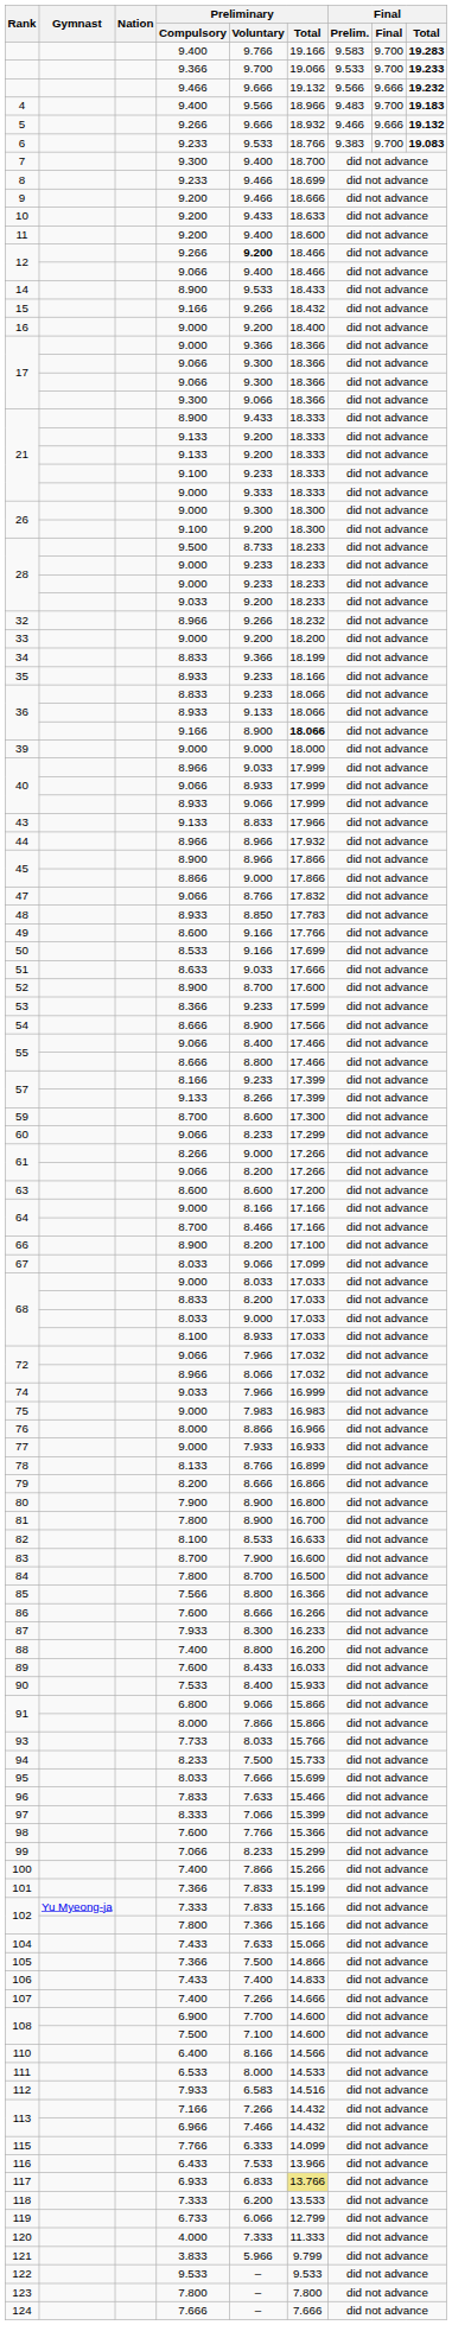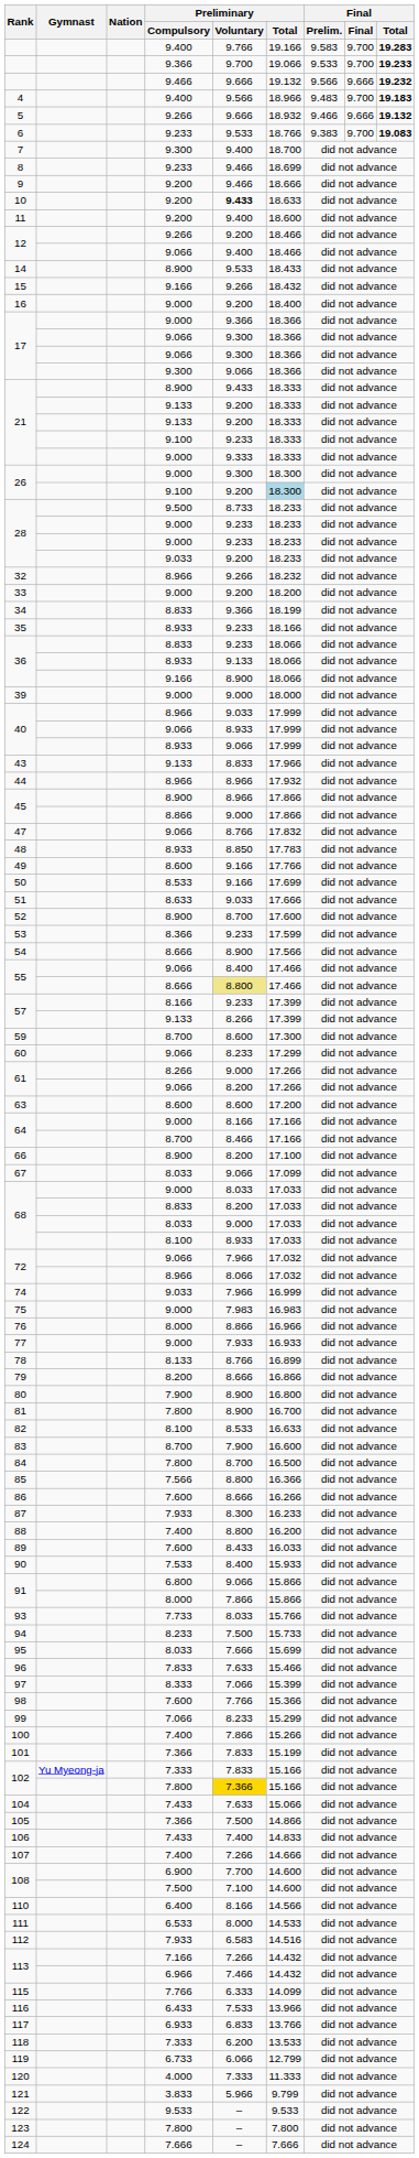 <table class="wikitable sortable" style="text-align:center">
 <tr>
 <th rowspan=2>Rank</th>
 <th rowspan=2>Gymnast</th>
 <th rowspan=2>Nation</th>
 <th colspan=3>Preliminary</th>
 <th colspan=3>Final</th>
 </tr>
 <tr>
 <th>Compulsory</th>
 <th>Voluntary</th>
 <th>Total</th>
 <th> Prelim.</th>
 <th>Final</th>
 <th>Total</th>
 </tr>
 <tr>
 <td></td>
 <td align=left></td>
 <td align=left></td>
 <td>9.400</td>
 <td>9.766</td>
 <td>19.166</td>
 <td>9.583</td>
 <td>9.700</td>
 <td><strong>19.283</strong></td>
 </tr>
 <tr>
 <td></td>
 <td align=left></td>
 <td align=left></td>
 <td>9.366</td>
 <td>9.700</td>
 <td>19.066</td>
 <td>9.533</td>
 <td>9.700</td>
 <td><strong>19.233</strong></td>
 </tr>
 <tr>
 <td></td>
 <td align=left></td>
 <td align=left></td>
 <td>9.466</td>
 <td>9.666</td>
 <td>19.132</td>
 <td>9.566</td>
 <td>9.666</td>
 <td><strong>19.232</strong></td>
 </tr>
 <tr>
 <td>4</td>
 <td align=left></td>
 <td align=left></td>
 <td>9.400</td>
 <td>9.566</td>
 <td>18.966</td>
 <td>9.483</td>
 <td>9.700</td>
 <td><strong>19.183</strong></td>
 </tr>
 <tr>
 <td>5</td>
 <td align=left></td>
 <td align=left></td>
 <td>9.266</td>
 <td>9.666</td>
 <td>18.932</td>
 <td>9.466</td>
 <td>9.666</td>
 <td><strong>19.132</strong></td>
 </tr>
 <tr>
 <td>6</td>
 <td align=left></td>
 <td align=left></td>
 <td>9.233</td>
 <td>9.533</td>
 <td>18.766</td>
 <td>9.383</td>
 <td>9.700</td>
 <td><strong>19.083</strong></td>
 </tr>
 <tr>
 <td>7</td>
 <td align=left></td>
 <td align=left></td>
 <td>9.300</td>
 <td>9.400</td>
 <td>18.700</td>
 <td colspan=3>did not advance</td>
 </tr>
 <tr>
 <td>8</td>
 <td align=left></td>
 <td align=left></td>
 <td>9.233</td>
 <td>9.466</td>
 <td>18.699</td>
 <td colspan=3>did not advance</td>
 </tr>
 <tr>
 <td>9</td>
 <td align=left></td>
 <td align=left></td>
 <td>9.200</td>
 <td>9.466</td>
 <td>18.666</td>
 <td colspan=3>did not advance</td>
 </tr>
 <tr>
 <td>10</td>
 <td align=left></td>
 <td align=left></td>
 <td>9.200</td>
-<td>9.433</td>
+<td><strong>9.433</strong></td>
 <td>18.633</td>
 <td colspan=3>did not advance</td>
 </tr>
 <tr>
 <td>11</td>
 <td align=left></td>
 <td align=left></td>
 <td>9.200</td>
 <td>9.400</td>
 <td>18.600</td>
 <td colspan=3>did not advance</td>
 </tr>
 <tr>
 <td rowspan=2>12</td>
 <td align=left></td>
 <td align=left></td>
 <td>9.266</td>
-<td><strong>9.200</strong></td>
+<td>9.200</td>
 <td>18.466</td>
 <td colspan=3>did not advance</td>
 </tr>
 <tr>
 <td align=left></td>
 <td align=left></td>
 <td>9.066</td>
 <td>9.400</td>
 <td>18.466</td>
 <td colspan=3>did not advance</td>
 </tr>
 <tr>
 <td>14</td>
 <td align=left></td>
 <td align=left></td>
 <td>8.900</td>
 <td>9.533</td>
 <td>18.433</td>
 <td colspan=3>did not advance</td>
 </tr>
 <tr>
 <td>15</td>
 <td align=left></td>
 <td align=left></td>
 <td>9.166</td>
 <td>9.266</td>
 <td>18.432</td>
 <td colspan=3>did not advance</td>
 </tr>
 <tr>
 <td>16</td>
 <td align=left></td>
 <td align=left></td>
 <td>9.000</td>
 <td>9.200</td>
 <td>18.400</td>
 <td colspan=3>did not advance</td>
 </tr>
 <tr>
 <td rowspan=4>17</td>
 <td align=left></td>
 <td align=left></td>
 <td>9.000</td>
 <td>9.366</td>
 <td>18.366</td>
 <td colspan=3>did not advance</td>
 </tr>
 <tr>
 <td align=left></td>
 <td align=left></td>
 <td>9.066</td>
 <td>9.300</td>
 <td>18.366</td>
 <td colspan=3>did not advance</td>
 </tr>
 <tr>
 <td align=left></td>
 <td align=left></td>
 <td>9.066</td>
 <td>9.300</td>
 <td>18.366</td>
 <td colspan=3>did not advance</td>
 </tr>
 <tr>
 <td align=left></td>
 <td align=left></td>
 <td>9.300</td>
 <td>9.066</td>
 <td>18.366</td>
 <td colspan=3>did not advance</td>
 </tr>
 <tr>
 <td rowspan=5>21</td>
 <td align=left></td>
 <td align=left></td>
 <td>8.900</td>
 <td>9.433</td>
 <td>18.333</td>
 <td colspan=3>did not advance</td>
 </tr>
 <tr>
 <td align=left></td>
 <td align=left></td>
 <td>9.133</td>
 <td>9.200</td>
 <td>18.333</td>
 <td colspan=3>did not advance</td>
 </tr>
 <tr>
 <td align=left></td>
 <td align=left></td>
 <td>9.133</td>
 <td>9.200</td>
 <td>18.333</td>
 <td colspan=3>did not advance</td>
 </tr>
 <tr>
 <td align=left></td>
 <td align=left></td>
 <td>9.100</td>
 <td>9.233</td>
 <td>18.333</td>
 <td colspan=3>did not advance</td>
 </tr>
 <tr>
 <td align=left></td>
 <td align=left></td>
 <td>9.000</td>
 <td>9.333</td>
 <td>18.333</td>
 <td colspan=3>did not advance</td>
 </tr>
 <tr>
 <td rowspan=2>26</td>
 <td align=left></td>
 <td align=left></td>
 <td>9.000</td>
 <td>9.300</td>
 <td>18.300</td>
 <td colspan=3>did not advance</td>
 </tr>
 <tr>
 <td align=left></td>
 <td align=left></td>
 <td>9.100</td>
 <td>9.200</td>
-<td>18.300</td>
+<td style="background: lightblue;">18.300</td>
 <td colspan=3>did not advance</td>
 </tr>
 <tr>
 <td rowspan=4>28</td>
 <td align=left></td>
 <td align=left></td>
 <td>9.500</td>
 <td>8.733</td>
 <td>18.233</td>
 <td colspan=3>did not advance</td>
 </tr>
 <tr>
 <td align=left></td>
 <td align=left></td>
 <td>9.000</td>
 <td>9.233</td>
 <td>18.233</td>
 <td colspan=3>did not advance</td>
 </tr>
 <tr>
 <td align=left></td>
 <td align=left></td>
 <td>9.000</td>
 <td>9.233</td>
 <td>18.233</td>
 <td colspan=3>did not advance</td>
 </tr>
 <tr>
 <td align=left></td>
 <td align=left></td>
 <td>9.033</td>
 <td>9.200</td>
 <td>18.233</td>
 <td colspan=3>did not advance</td>
 </tr>
 <tr>
 <td>32</td>
 <td align=left></td>
 <td align=left></td>
 <td>8.966</td>
 <td>9.266</td>
 <td>18.232</td>
 <td colspan=3>did not advance</td>
 </tr>
 <tr>
 <td>33</td>
 <td align=left></td>
 <td align=left></td>
 <td>9.000</td>
 <td>9.200</td>
 <td>18.200</td>
 <td colspan=3>did not advance</td>
 </tr>
 <tr>
 <td>34</td>
 <td align=left></td>
 <td align=left></td>
 <td>8.833</td>
 <td>9.366</td>
 <td>18.199</td>
 <td colspan=3>did not advance</td>
 </tr>
 <tr>
 <td>35</td>
 <td align=left></td>
 <td align=left></td>
 <td>8.933</td>
 <td>9.233</td>
 <td>18.166</td>
 <td colspan=3>did not advance</td>
 </tr>
 <tr>
 <td rowspan=3>36</td>
 <td align=left></td>
 <td align=left></td>
 <td>8.833</td>
 <td>9.233</td>
 <td>18.066</td>
 <td colspan=3>did not advance</td>
 </tr>
 <tr>
 <td align=left></td>
 <td align=left></td>
 <td>8.933</td>
 <td>9.133</td>
 <td>18.066</td>
 <td colspan=3>did not advance</td>
 </tr>
 <tr>
 <td align=left></td>
 <td align=left></td>
 <td>9.166</td>
 <td>8.900</td>
-<td><strong>18.066</strong></td>
+<td>18.066</td>
 <td colspan=3>did not advance</td>
 </tr>
 <tr>
 <td>39</td>
 <td align=left></td>
 <td align=left></td>
 <td>9.000</td>
 <td>9.000</td>
 <td>18.000</td>
 <td colspan=3>did not advance</td>
 </tr>
 <tr>
 <td rowspan=3>40</td>
 <td align=left></td>
 <td align=left></td>
 <td>8.966</td>
 <td>9.033</td>
 <td>17.999</td>
 <td colspan=3>did not advance</td>
 </tr>
 <tr>
 <td align=left></td>
 <td align=left></td>
 <td>9.066</td>
 <td>8.933</td>
 <td>17.999</td>
 <td colspan=3>did not advance</td>
 </tr>
 <tr>
 <td align=left></td>
 <td align=left></td>
 <td>8.933</td>
 <td>9.066</td>
 <td>17.999</td>
 <td colspan=3>did not advance</td>
 </tr>
 <tr>
 <td>43</td>
 <td align=left></td>
 <td align=left></td>
 <td>9.133</td>
 <td>8.833</td>
 <td>17.966</td>
 <td colspan=3>did not advance</td>
 </tr>
 <tr>
 <td>44</td>
 <td align=left></td>
 <td align=left></td>
 <td>8.966</td>
 <td>8.966</td>
 <td>17.932</td>
 <td colspan=3>did not advance</td>
 </tr>
 <tr>
 <td rowspan=2>45</td>
 <td align=left></td>
 <td align=left></td>
 <td>8.900</td>
 <td>8.966</td>
 <td>17.866</td>
 <td colspan=3>did not advance</td>
 </tr>
 <tr>
 <td align=left></td>
 <td align=left></td>
 <td>8.866</td>
 <td>9.000</td>
 <td>17.866</td>
 <td colspan=3>did not advance</td>
 </tr>
 <tr>
 <td>47</td>
 <td align=left></td>
 <td align=left></td>
 <td>9.066</td>
 <td>8.766</td>
 <td>17.832</td>
 <td colspan=3>did not advance</td>
 </tr>
 <tr>
 <td>48</td>
 <td align=left></td>
 <td align=left></td>
 <td>8.933</td>
 <td>8.850</td>
 <td>17.783</td>
 <td colspan=3>did not advance</td>
 </tr>
 <tr>
 <td>49</td>
 <td align=left></td>
 <td align=left></td>
 <td>8.600</td>
 <td>9.166</td>
 <td>17.766</td>
 <td colspan=3>did not advance</td>
 </tr>
 <tr>
 <td>50</td>
 <td align=left></td>
 <td align=left></td>
 <td>8.533</td>
 <td>9.166</td>
 <td>17.699</td>
 <td colspan=3>did not advance</td>
 </tr>
 <tr>
 <td>51</td>
 <td align=left></td>
 <td align=left></td>
 <td>8.633</td>
 <td>9.033</td>
 <td>17.666</td>
 <td colspan=3>did not advance</td>
 </tr>
 <tr>
 <td>52</td>
 <td align=left></td>
 <td align=left></td>
 <td>8.900</td>
 <td>8.700</td>
 <td>17.600</td>
 <td colspan=3>did not advance</td>
 </tr>
 <tr>
 <td>53</td>
 <td align=left></td>
 <td align=left></td>
 <td>8.366</td>
 <td>9.233</td>
 <td>17.599</td>
 <td colspan=3>did not advance</td>
 </tr>
 <tr>
 <td>54</td>
 <td align=left></td>
 <td align=left></td>
 <td>8.666</td>
 <td>8.900</td>
 <td>17.566</td>
 <td colspan=3>did not advance</td>
 </tr>
 <tr>
 <td rowspan=2>55</td>
 <td align=left></td>
 <td align=left></td>
 <td>9.066</td>
 <td>8.400</td>
 <td>17.466</td>
 <td colspan=3>did not advance</td>
 </tr>
 <tr>
 <td align=left></td>
 <td align=left></td>
 <td>8.666</td>
-<td>8.800</td>
+<td style="background: khaki;">8.800</td>
 <td>17.466</td>
 <td colspan=3>did not advance</td>
 </tr>
 <tr>
 <td rowspan=2>57</td>
 <td align=left></td>
 <td align=left></td>
 <td>8.166</td>
 <td>9.233</td>
 <td>17.399</td>
 <td colspan=3>did not advance</td>
 </tr>
 <tr>
 <td align=left></td>
 <td align=left></td>
 <td>9.133</td>
 <td>8.266</td>
 <td>17.399</td>
 <td colspan=3>did not advance</td>
 </tr>
 <tr>
 <td>59</td>
 <td align=left></td>
 <td align=left></td>
 <td>8.700</td>
 <td>8.600</td>
 <td>17.300</td>
 <td colspan=3>did not advance</td>
 </tr>
 <tr>
 <td>60</td>
 <td align=left></td>
 <td align=left></td>
 <td>9.066</td>
 <td>8.233</td>
 <td>17.299</td>
 <td colspan=3>did not advance</td>
 </tr>
 <tr>
 <td rowspan=2>61</td>
 <td align=left></td>
 <td align=left></td>
 <td>8.266</td>
 <td>9.000</td>
 <td>17.266</td>
 <td colspan=3>did not advance</td>
 </tr>
 <tr>
 <td align=left></td>
 <td align=left></td>
 <td>9.066</td>
 <td>8.200</td>
 <td>17.266</td>
 <td colspan=3>did not advance</td>
 </tr>
 <tr>
 <td>63</td>
 <td align=left></td>
 <td align=left></td>
 <td>8.600</td>
 <td>8.600</td>
 <td>17.200</td>
 <td colspan=3>did not advance</td>
 </tr>
 <tr>
 <td rowspan=2>64</td>
 <td align=left></td>
 <td align=left></td>
 <td>9.000</td>
 <td>8.166</td>
 <td>17.166</td>
 <td colspan=3>did not advance</td>
 </tr>
 <tr>
 <td align=left></td>
 <td align=left></td>
 <td>8.700</td>
 <td>8.466</td>
 <td>17.166</td>
 <td colspan=3>did not advance</td>
 </tr>
 <tr>
 <td>66</td>
 <td align=left></td>
 <td align=left></td>
 <td>8.900</td>
 <td>8.200</td>
 <td>17.100</td>
 <td colspan=3>did not advance</td>
 </tr>
 <tr>
 <td>67</td>
 <td align=left></td>
 <td align=left></td>
 <td>8.033</td>
 <td>9.066</td>
 <td>17.099</td>
 <td colspan=3>did not advance</td>
 </tr>
 <tr>
 <td rowspan=4>68</td>
 <td align=left></td>
 <td align=left></td>
 <td>9.000</td>
 <td>8.033</td>
 <td>17.033</td>
 <td colspan=3>did not advance</td>
 </tr>
 <tr>
 <td align=left></td>
 <td align=left></td>
 <td>8.833</td>
 <td>8.200</td>
 <td>17.033</td>
 <td colspan=3>did not advance</td>
 </tr>
 <tr>
 <td align=left></td>
 <td align=left></td>
 <td>8.033</td>
 <td>9.000</td>
 <td>17.033</td>
 <td colspan=3>did not advance</td>
 </tr>
 <tr>
 <td align=left></td>
 <td align=left></td>
 <td>8.100</td>
 <td>8.933</td>
 <td>17.033</td>
 <td colspan=3>did not advance</td>
 </tr>
 <tr>
 <td rowspan=2>72</td>
 <td align=left></td>
 <td align=left></td>
 <td>9.066</td>
 <td>7.966</td>
 <td>17.032</td>
 <td colspan=3>did not advance</td>
 </tr>
 <tr>
 <td align=left></td>
 <td align=left></td>
 <td>8.966</td>
 <td>8.066</td>
 <td>17.032</td>
 <td colspan=3>did not advance</td>
 </tr>
 <tr>
 <td>74</td>
 <td align=left></td>
 <td align=left></td>
 <td>9.033</td>
 <td>7.966</td>
 <td>16.999</td>
 <td colspan=3>did not advance</td>
 </tr>
 <tr>
 <td>75</td>
 <td align=left></td>
 <td align=left></td>
 <td>9.000</td>
 <td>7.983</td>
 <td>16.983</td>
 <td colspan=3>did not advance</td>
 </tr>
 <tr>
 <td>76</td>
 <td align=left></td>
 <td align=left></td>
 <td>8.000</td>
 <td>8.866</td>
 <td>16.966</td>
 <td colspan=3>did not advance</td>
 </tr>
 <tr>
 <td>77</td>
 <td align=left></td>
 <td align=left></td>
 <td>9.000</td>
 <td>7.933</td>
 <td>16.933</td>
 <td colspan=3>did not advance</td>
 </tr>
 <tr>
 <td>78</td>
 <td align=left></td>
 <td align=left></td>
 <td>8.133</td>
 <td>8.766</td>
 <td>16.899</td>
 <td colspan=3>did not advance</td>
 </tr>
 <tr>
 <td>79</td>
 <td align=left></td>
 <td align=left></td>
 <td>8.200</td>
 <td>8.666</td>
 <td>16.866</td>
 <td colspan=3>did not advance</td>
 </tr>
 <tr>
 <td>80</td>
 <td align=left></td>
 <td align=left></td>
 <td>7.900</td>
 <td>8.900</td>
 <td>16.800</td>
 <td colspan=3>did not advance</td>
 </tr>
 <tr>
 <td>81</td>
 <td align=left></td>
 <td align=left></td>
 <td>7.800</td>
 <td>8.900</td>
 <td>16.700</td>
 <td colspan=3>did not advance</td>
 </tr>
 <tr>
 <td>82</td>
 <td align=left></td>
 <td align=left></td>
 <td>8.100</td>
 <td>8.533</td>
 <td>16.633</td>
 <td colspan=3>did not advance</td>
 </tr>
 <tr>
 <td>83</td>
 <td align=left></td>
 <td align=left></td>
 <td>8.700</td>
 <td>7.900</td>
 <td>16.600</td>
 <td colspan=3>did not advance</td>
 </tr>
 <tr>
 <td>84</td>
 <td align=left></td>
 <td align=left></td>
 <td>7.800</td>
 <td>8.700</td>
 <td>16.500</td>
 <td colspan=3>did not advance</td>
 </tr>
 <tr>
 <td>85</td>
 <td align=left></td>
 <td align=left></td>
 <td>7.566</td>
 <td>8.800</td>
 <td>16.366</td>
 <td colspan=3>did not advance</td>
 </tr>
 <tr>
 <td>86</td>
 <td align=left></td>
 <td align=left></td>
 <td>7.600</td>
 <td>8.666</td>
 <td>16.266</td>
 <td colspan=3>did not advance</td>
 </tr>
 <tr>
 <td>87</td>
 <td align=left></td>
 <td align=left></td>
 <td>7.933</td>
 <td>8.300</td>
 <td>16.233</td>
 <td colspan=3>did not advance</td>
 </tr>
 <tr>
 <td>88</td>
 <td align=left></td>
 <td align=left></td>
 <td>7.400</td>
 <td>8.800</td>
 <td>16.200</td>
 <td colspan=3>did not advance</td>
 </tr>
 <tr>
 <td>89</td>
 <td align=left></td>
 <td align=left></td>
 <td>7.600</td>
 <td>8.433</td>
 <td>16.033</td>
 <td colspan=3>did not advance</td>
 </tr>
 <tr>
 <td>90</td>
 <td align=left></td>
 <td align=left></td>
 <td>7.533</td>
 <td>8.400</td>
 <td>15.933</td>
 <td colspan=3>did not advance</td>
 </tr>
 <tr>
 <td rowspan=2>91</td>
 <td align=left></td>
 <td align=left></td>
 <td>6.800</td>
 <td>9.066</td>
 <td>15.866</td>
 <td colspan=3>did not advance</td>
 </tr>
 <tr>
 <td align=left></td>
 <td align=left></td>
 <td>8.000</td>
 <td>7.866</td>
 <td>15.866</td>
 <td colspan=3>did not advance</td>
 </tr>
 <tr>
 <td>93</td>
 <td align=left></td>
 <td align=left></td>
 <td>7.733</td>
 <td>8.033</td>
 <td>15.766</td>
 <td colspan=3>did not advance</td>
 </tr>
 <tr>
 <td>94</td>
 <td align=left></td>
 <td align=left></td>
 <td>8.233</td>
 <td>7.500</td>
 <td>15.733</td>
 <td colspan=3>did not advance</td>
 </tr>
 <tr>
 <td>95</td>
 <td align=left></td>
 <td align=left></td>
 <td>8.033</td>
 <td>7.666</td>
 <td>15.699</td>
 <td colspan=3>did not advance</td>
 </tr>
 <tr>
 <td>96</td>
 <td align=left></td>
 <td align=left></td>
 <td>7.833</td>
 <td>7.633</td>
 <td>15.466</td>
 <td colspan=3>did not advance</td>
 </tr>
 <tr>
 <td>97</td>
 <td align=left></td>
 <td align=left></td>
 <td>8.333</td>
 <td>7.066</td>
 <td>15.399</td>
 <td colspan=3>did not advance</td>
 </tr>
 <tr>
 <td>98</td>
 <td align=left></td>
 <td align=left></td>
 <td>7.600</td>
 <td>7.766</td>
 <td>15.366</td>
 <td colspan=3>did not advance</td>
 </tr>
 <tr>
 <td>99</td>
 <td align=left></td>
 <td align=left></td>
 <td>7.066</td>
 <td>8.233</td>
 <td>15.299</td>
 <td colspan=3>did not advance</td>
 </tr>
 <tr>
 <td>100</td>
 <td align=left></td>
 <td align=left></td>
 <td>7.400</td>
 <td>7.866</td>
 <td>15.266</td>
 <td colspan=3>did not advance</td>
 </tr>
 <tr>
 <td>101</td>
 <td align=left></td>
 <td align=left></td>
 <td>7.366</td>
 <td>7.833</td>
 <td>15.199</td>
 <td colspan=3>did not advance</td>
 </tr>
 <tr>
 <td rowspan=2>102</td>
 <td align=left><a href='#'>Yu Myeong-ja</a></td>
 <td align=left></td>
 <td>7.333</td>
 <td>7.833</td>
 <td>15.166</td>
 <td colspan=3>did not advance</td>
 </tr>
 <tr>
 <td align=left></td>
 <td align=left></td>
 <td>7.800</td>
-<td>7.366</td>
+<td style="background: gold;">7.366</td>
 <td>15.166</td>
 <td colspan=3>did not advance</td>
 </tr>
 <tr>
 <td>104</td>
 <td align=left></td>
 <td align=left></td>
 <td>7.433</td>
 <td>7.633</td>
 <td>15.066</td>
 <td colspan=3>did not advance</td>
 </tr>
 <tr>
 <td>105</td>
 <td align=left></td>
 <td align=left></td>
 <td>7.366</td>
 <td>7.500</td>
 <td>14.866</td>
 <td colspan=3>did not advance</td>
 </tr>
 <tr>
 <td>106</td>
 <td align=left></td>
 <td align=left></td>
 <td>7.433</td>
 <td>7.400</td>
 <td>14.833</td>
 <td colspan=3>did not advance</td>
 </tr>
 <tr>
 <td>107</td>
 <td align=left></td>
 <td align=left></td>
 <td>7.400</td>
 <td>7.266</td>
 <td>14.666</td>
 <td colspan=3>did not advance</td>
 </tr>
 <tr>
 <td rowspan=2>108</td>
 <td align=left></td>
 <td align=left></td>
 <td>6.900</td>
 <td>7.700</td>
 <td>14.600</td>
 <td colspan=3>did not advance</td>
 </tr>
 <tr>
 <td align=left></td>
 <td align=left></td>
 <td>7.500</td>
 <td>7.100</td>
 <td>14.600</td>
 <td colspan=3>did not advance</td>
 </tr>
 <tr>
 <td>110</td>
 <td align=left></td>
 <td align=left></td>
 <td>6.400</td>
 <td>8.166</td>
 <td>14.566</td>
 <td colspan=3>did not advance</td>
 </tr>
 <tr>
 <td>111</td>
 <td align=left></td>
 <td align=left></td>
 <td>6.533</td>
 <td>8.000</td>
 <td>14.533</td>
 <td colspan=3>did not advance</td>
 </tr>
 <tr>
 <td>112</td>
 <td align=left></td>
 <td align=left></td>
 <td>7.933</td>
 <td>6.583</td>
 <td>14.516</td>
 <td colspan=3>did not advance</td>
 </tr>
 <tr>
 <td rowspan=2>113</td>
 <td align=left></td>
 <td align=left></td>
 <td>7.166</td>
 <td>7.266</td>
 <td>14.432</td>
 <td colspan=3>did not advance</td>
 </tr>
 <tr>
 <td align=left></td>
 <td align=left></td>
 <td>6.966</td>
 <td>7.466</td>
 <td>14.432</td>
 <td colspan=3>did not advance</td>
 </tr>
 <tr>
 <td>115</td>
 <td align=left></td>
 <td align=left></td>
 <td>7.766</td>
 <td>6.333</td>
 <td>14.099</td>
 <td colspan=3>did not advance</td>
 </tr>
 <tr>
 <td>116</td>
 <td align=left></td>
 <td align=left></td>
 <td>6.433</td>
 <td>7.533</td>
 <td>13.966</td>
 <td colspan=3>did not advance</td>
 </tr>
 <tr>
 <td>117</td>
 <td align=left></td>
 <td align=left></td>
 <td>6.933</td>
 <td>6.833</td>
-<td style="background: khaki;">13.766</td>
+<td>13.766</td>
 <td colspan=3>did not advance</td>
 </tr>
 <tr>
 <td>118</td>
 <td align=left></td>
 <td align=left></td>
 <td>7.333</td>
 <td>6.200</td>
 <td>13.533</td>
 <td colspan=3>did not advance</td>
 </tr>
 <tr>
 <td>119</td>
 <td align=left></td>
 <td align=left></td>
 <td>6.733</td>
 <td>6.066</td>
 <td>12.799</td>
 <td colspan=3>did not advance</td>
 </tr>
 <tr>
 <td>120</td>
 <td align=left></td>
 <td align=left></td>
 <td>4.000</td>
 <td>7.333</td>
 <td>11.333</td>
 <td colspan=3>did not advance</td>
 </tr>
 <tr>
 <td>121</td>
 <td align=left></td>
 <td align=left></td>
 <td>3.833</td>
 <td>5.966</td>
 <td>9.799</td>
 <td colspan=3>did not advance</td>
 </tr>
 <tr>
 <td>122</td>
 <td align=left></td>
 <td align=left></td>
 <td>9.533</td>
 <td>–</td>
 <td>9.533</td>
 <td colspan=3>did not advance</td>
 </tr>
 <tr>
 <td>123</td>
 <td align=left></td>
 <td align=left></td>
 <td>7.800</td>
 <td>–</td>
 <td>7.800</td>
 <td colspan=3>did not advance</td>
 </tr>
 <tr>
 <td>124</td>
 <td align=left></td>
 <td align=left></td>
 <td>7.666</td>
 <td>–</td>
 <td>7.666</td>
 <td colspan=3>did not advance</td>
 </tr>
 </table>
